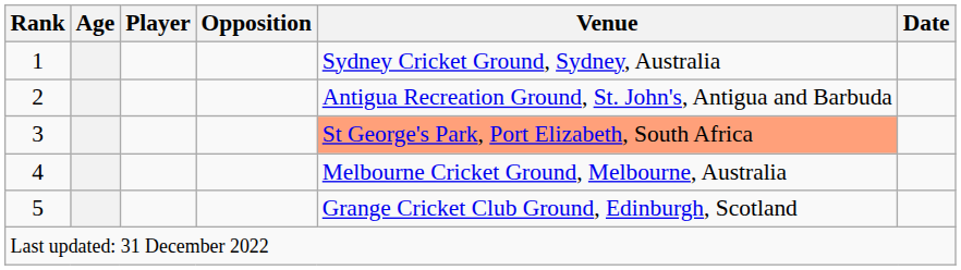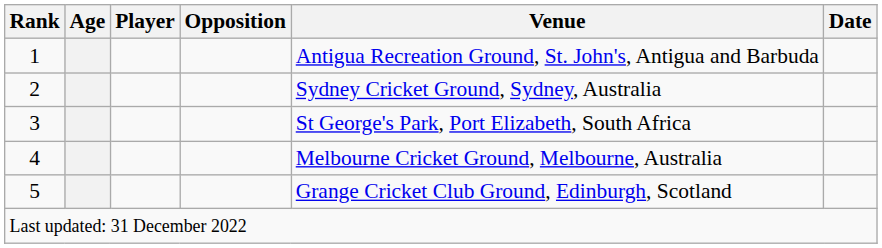 <table class="wikitable plainrowheaders sortable">
 <tr>
 <th scope=col>Rank</th>
 <th scope=col>Age</th>
 <th scope=col>Player</th>
 <th scope=col>Opposition</th>
 <th scope=col>Venue</th>
 <th scope=col>Date</th>
 </tr>
 <tr>
 <td align=center>1</td>
 <th scope=row style=text-align:center;></th>
 <td></td>
 <td></td>
-<td><a href='#'>Sydney Cricket Ground</a>, <a href='#'>Sydney</a>, Australia</td>
+<td><a href='#'>Antigua Recreation Ground</a>, <a href='#'>St. John's</a>, Antigua and Barbuda</td>
 <td><a href='#'></a></td>
 </tr>
 <tr>
 <td align=center>2</td>
 <th scope=row style=text-align:center;></th>
 <td></td>
 <td></td>
-<td><a href='#'>Antigua Recreation Ground</a>, <a href='#'>St. John's</a>, Antigua and Barbuda</td>
+<td><a href='#'>Sydney Cricket Ground</a>, <a href='#'>Sydney</a>, Australia</td>
 <td><a href='#'></a></td>
 </tr>
 <tr>
 <td align=center>3</td>
 <th scope=row style=text-align:center;></th>
 <td></td>
 <td></td>
-<td style="background: lightsalmon;"><a href='#'>St George's Park</a>, <a href='#'>Port Elizabeth</a>, South Africa</td>
+<td><a href='#'>St George's Park</a>, <a href='#'>Port Elizabeth</a>, South Africa</td>
 <td><a href='#'></a></td>
 </tr>
 <tr>
 <td align=center>4</td>
 <th scope=row style=text-align:center;></th>
 <td></td>
 <td></td>
 <td><a href='#'>Melbourne Cricket Ground</a>, <a href='#'>Melbourne</a>, Australia</td>
 <td><a href='#'></a></td>
 </tr>
 <tr>
 <td align=center>5</td>
 <th scope=row style=text-align:center;></th>
 <td></td>
 <td></td>
 <td><a href='#'>Grange Cricket Club Ground</a>, <a href='#'>Edinburgh</a>, Scotland</td>
 <td><a href='#'></a></td>
 </tr>
 <tr class=sortbottom>
 <td colspan=7><small>Last updated: 31 December 2022</small></td>
 </tr>
 </table>
